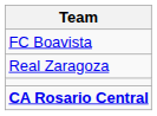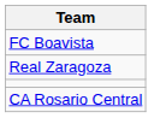 <table class= "wikitable">
 <tr>
 <th>Team</th>
 </tr>
 <tr>
 <td> <a href='#'>FC Boavista</a></td>
 </tr>
 <tr>
 <td> <a href='#'>Real Zaragoza</a></td>
 </tr>
 <tr>
 <td></td>
 </tr>
 <tr>
-<td><strong> <a href='#'>CA Rosario Central</a></strong></td>
+<td> <a href='#'>CA Rosario Central</a></td>
 </tr>
 </table>
